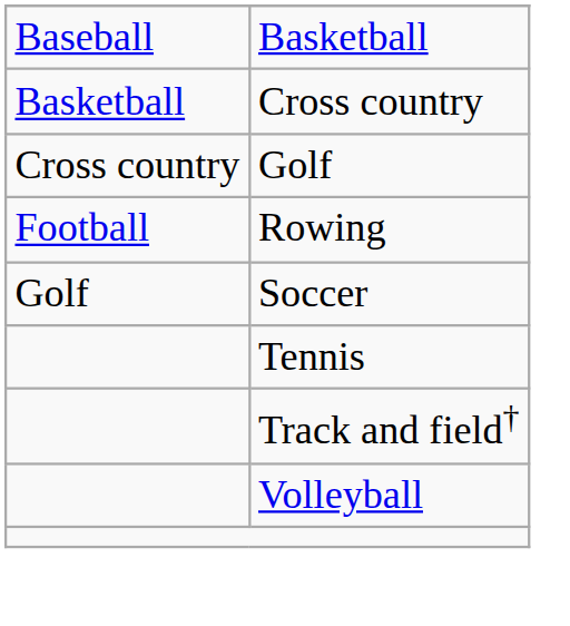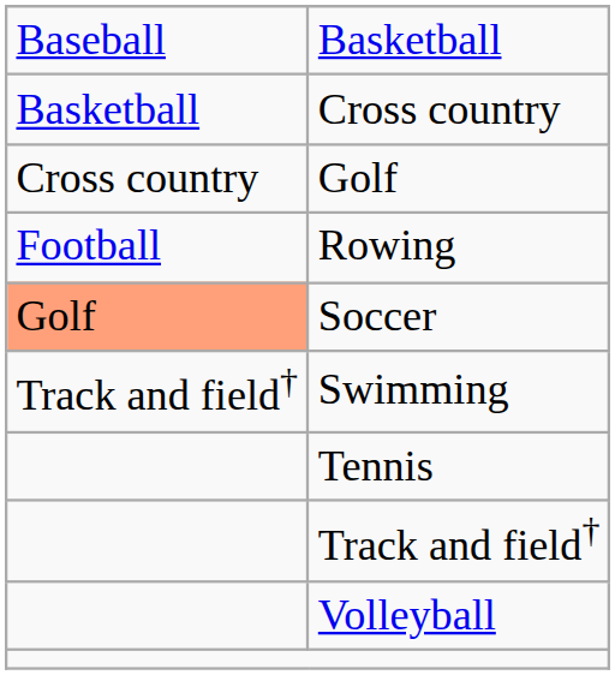 <table class="wikitable" style= " ">
 <tr>
 </tr>
 <tr>
 <td><a href='#'>Baseball</a></td>
 <td><a href='#'>Basketball</a></td>
 </tr>
 <tr>
 <td><a href='#'>Basketball</a></td>
 <td>Cross country</td>
 </tr>
 <tr>
 <td>Cross country</td>
 <td>Golf</td>
 </tr>
 <tr>
 <td><a href='#'>Football</a></td>
 <td>Rowing</td>
 </tr>
 <tr>
-<td>Golf</td>
+<td style="background: lightsalmon;">Golf</td>
 <td>Soccer</td>
+</tr>
+<tr>
+<td>Track and field<sup>†</sup></td>
+<td>Swimming</td>
 </tr>
 <tr>
 <td></td>
 <td>Tennis</td>
 </tr>
 <tr>
 <td></td>
 <td>Track and field<sup>†</sup></td>
 </tr>
 <tr>
 <td></td>
 <td><a href='#'>Volleyball</a></td>
 </tr>
 <tr>
 <td colspan="2"></td>
 </tr>
 </table>
